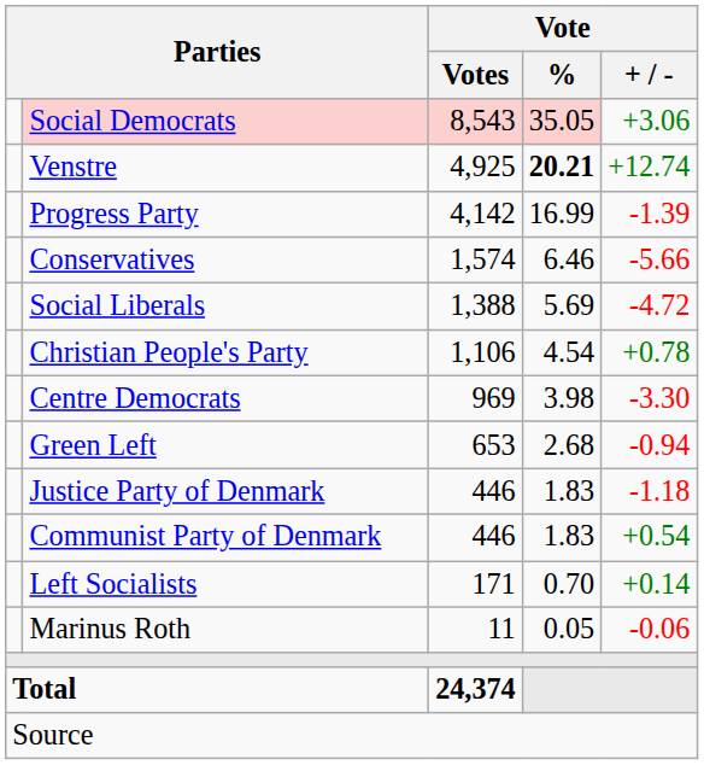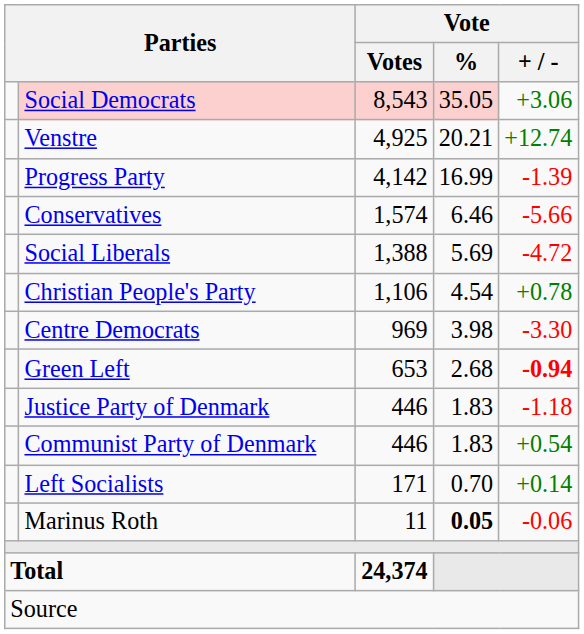 <table class="wikitable" style="text-align:right;">
 <tr>
 <th style="text-align:centre;" rowspan="2" colspan="2" width="225">Parties</th>
 <th colspan="3">Vote</th>
 </tr>
 <tr>
 <th width="15">Votes</th>
 <th width="15">%</th>
 <th width="15">+ / -</th>
 </tr>
 <tr>
 <td width="2" style="color:inherit;background:"></td>
 <td bgcolor=#fbd0ce  align="left"><a href='#'>Social Democrats</a></td>
 <td bgcolor=#fbd0ce>8,543</td>
 <td bgcolor=#fbd0ce>35.05</td>
 <td style=color:green;>+3.06</td>
 </tr>
 <tr>
 <td width="2" style="color:inherit;background:"></td>
 <td align="left"><a href='#'>Venstre</a></td>
 <td>4,925</td>
-<td><strong>20.21</strong></td>
+<td>20.21</td>
 <td style=color:green;>+12.74</td>
 </tr>
 <tr>
 <td width="2" style="color:inherit;background:"></td>
 <td align="left"><a href='#'>Progress Party</a></td>
 <td>4,142</td>
 <td>16.99</td>
 <td style=color:red;>-1.39</td>
 </tr>
 <tr>
 <td width="2" style="color:inherit;background:"></td>
 <td align="left"><a href='#'>Conservatives</a></td>
 <td>1,574</td>
 <td>6.46</td>
 <td style=color:red;>-5.66</td>
 </tr>
 <tr>
 <td width="2" style="color:inherit;background:"></td>
 <td align="left"><a href='#'>Social Liberals</a></td>
 <td>1,388</td>
 <td>5.69</td>
 <td style=color:red;>-4.72</td>
 </tr>
 <tr>
 <td width="2" style="color:inherit;background:"></td>
 <td align="left"><a href='#'>Christian People's Party</a></td>
 <td>1,106</td>
 <td>4.54</td>
 <td style=color:green;>+0.78</td>
 </tr>
 <tr>
 <td width="2" style="color:inherit;background:"></td>
 <td align="left"><a href='#'>Centre Democrats</a></td>
 <td>969</td>
 <td>3.98</td>
 <td style=color:red;>-3.30</td>
 </tr>
 <tr>
 <td width="2" style="color:inherit;background:"></td>
 <td align="left"><a href='#'>Green Left</a></td>
 <td>653</td>
 <td>2.68</td>
-<td style=color:red;>-0.94</td>
+<td style=color:red;><strong>-0.94</strong></td>
 </tr>
 <tr>
 <td width="2" style="color:inherit;background:"></td>
 <td align="left"><a href='#'>Justice Party of Denmark</a></td>
 <td>446</td>
 <td>1.83</td>
 <td style=color:red;>-1.18</td>
 </tr>
 <tr>
 <td width="2" style="color:inherit;background:"></td>
 <td align="left"><a href='#'>Communist Party of Denmark</a></td>
 <td>446</td>
 <td>1.83</td>
 <td style=color:green;>+0.54</td>
 </tr>
 <tr>
 <td width="2" style="color:inherit;background:"></td>
 <td align="left"><a href='#'>Left Socialists</a></td>
 <td>171</td>
 <td>0.70</td>
 <td style=color:green;>+0.14</td>
 </tr>
 <tr>
 <td width="2" style="color:inherit;background:"></td>
 <td align="left">Marinus Roth</td>
 <td>11</td>
-<td>0.05</td>
+<td><strong>0.05</strong></td>
 <td style=color:red;>-0.06</td>
 </tr>
 <tr>
 <td colspan="7" bgcolor="#E9E9E9"></td>
 </tr>
 <tr>
 <td align="left" colspan="2"><strong>Total</strong></td>
 <td><strong>24,374</strong></td>
 <td bgcolor="#E9E9E9" colspan="2"></td>
 </tr>
 <tr>
 <td align="left" colspan="6">Source</td>
 </tr>
 </table>
